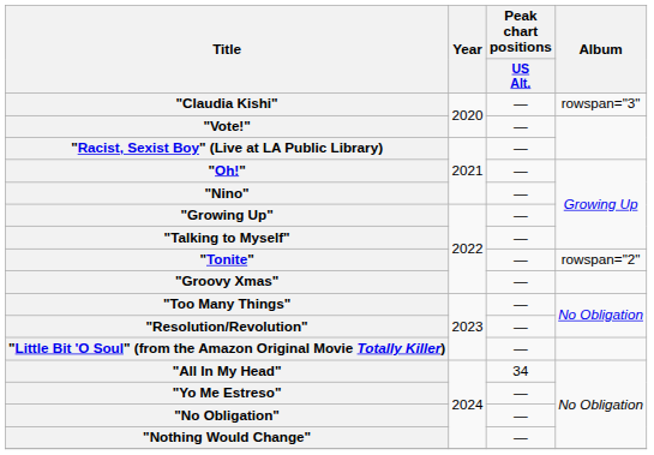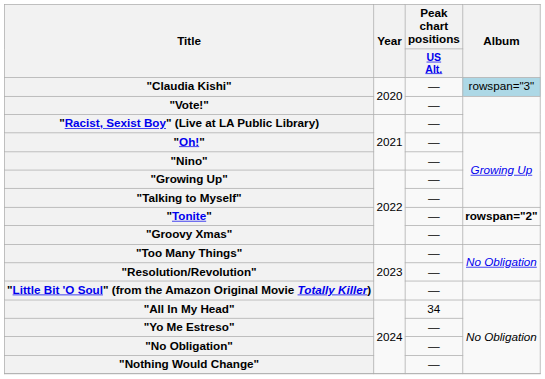 <table class="wikitable plainrowheaders" style="text-align:center;">
 <tr>
 <th scope="col" rowspan="2">Title</th>
 <th scope="col" rowspan="2">Year</th>
 <th scope="col" colspan="1">Peak chart positions</th>
 <th scope="col" rowspan="2">Album</th>
 </tr>
 <tr>
 <th scope="col" style="width:3em;font-size:90%;"><a href='#'>US<br>Alt.</a></th>
 </tr>
 <tr>
 <th scope="row">"Claudia Kishi"</th>
 <td rowspan="2">2020</td>
 <td>—</td>
-<td>rowspan="3" </td>
+<td style="background: lightblue;">rowspan="3" </td>
 </tr>
 <tr>
 <th scope="row">"Vote!"</th>
 <td>—</td>
 </tr>
 <tr>
 <th scope="row">"<a href='#'>Racist, Sexist Boy</a>" (Live at LA Public Library)</th>
 <td rowspan="3">2021</td>
 <td>—</td>
 </tr>
 <tr>
 <th scope="row">"<a href='#'>Oh!</a>"</th>
 <td>—</td>
 <td rowspan="4"><em><a href='#'>Growing Up</a></em></td>
 </tr>
 <tr>
 <th scope="row">"Nino"</th>
 <td>—</td>
 </tr>
 <tr>
 <th scope="row">"Growing Up"</th>
 <td rowspan="4">2022</td>
 <td>—</td>
 </tr>
 <tr>
 <th scope="row">"Talking to Myself"</th>
 <td>—</td>
 </tr>
 <tr>
 <th scope="row">"<a href='#'>Tonite</a>"</th>
 <td>—</td>
-<td>rowspan="2" </td>
+<td><strong>rowspan="2" </strong></td>
 </tr>
 <tr>
 <th scope="row">"Groovy Xmas"</th>
 <td>—</td>
 </tr>
 <tr>
 <th scope="row">"Too Many Things"</th>
 <td rowspan="3">2023</td>
 <td>—</td>
 <td rowspan="2"><em><a href='#'>No Obligation</a></em></td>
 </tr>
 <tr>
 <th scope="row">"Resolution/Revolution"</th>
 <td>—</td>
 </tr>
 <tr>
 <th scope="row">"<a href='#'>Little Bit 'O Soul</a>" (from the Amazon Original Movie <em><a href='#'>Totally Killer</a></em>)</th>
 <td>—</td>
 <td></td>
 </tr>
 <tr>
 <th scope="row">"All In My Head"</th>
 <td rowspan="4">2024</td>
 <td>34</td>
 <td rowspan="4"><em>No Obligation</em></td>
 </tr>
 <tr>
 <th scope="row">"Yo Me Estreso"</th>
 <td>—</td>
 </tr>
 <tr>
 <th scope="row">"No Obligation"</th>
 <td>—</td>
 </tr>
 <tr>
 <th scope="row">"Nothing Would Change"</th>
 <td>—</td>
 </tr>
 <tr>
 </tr>
 </table>
